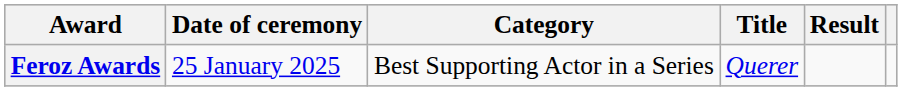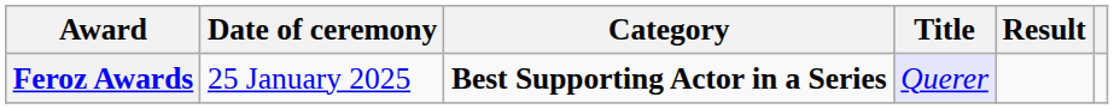 <table class="wikitable plainrowheaders sortable">
 <tr>
 <th scope="col">Award</th>
 <th scope="col">Date of ceremony</th>
 <th scope="col">Category</th>
 <th scope="col">Title</th>
 <th scope="col">Result</th>
 <th scope="col" class="unsortable"></th>
 </tr>
 <tr>
 <th scope="row" rowspan="2"><a href='#'>Feroz Awards</a></th>
 <td><a href='#'>25 January 2025</a></td>
-<td>Best Supporting Actor in a Series</td>
-<td><em><a href='#'>Querer</a></em></td>
+<td><strong>Best Supporting Actor in a Series</strong></td>
+<td style="background: lavender;"><em><a href='#'>Querer</a></em></td>
 <td></td>
 <td align="center"></td>
 </tr>
 </table>
